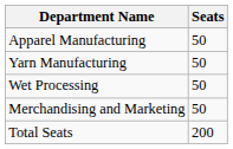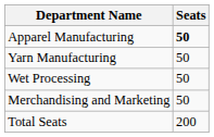 <table class="wikitable">
 <tr>
 <th>Department Name</th>
 <th>Seats</th>
 </tr>
 <tr>
 <td>Apparel Manufacturing</td>
-<td>50</td>
+<td><strong>50</strong></td>
 </tr>
 <tr>
 <td>Yarn Manufacturing</td>
 <td>50</td>
 </tr>
 <tr>
 <td>Wet Processing</td>
 <td>50</td>
 </tr>
 <tr>
 <td>Merchandising and Marketing</td>
 <td>50</td>
 </tr>
 <tr>
 <td>Total Seats</td>
 <td>200</td>
 </tr>
 </table>
